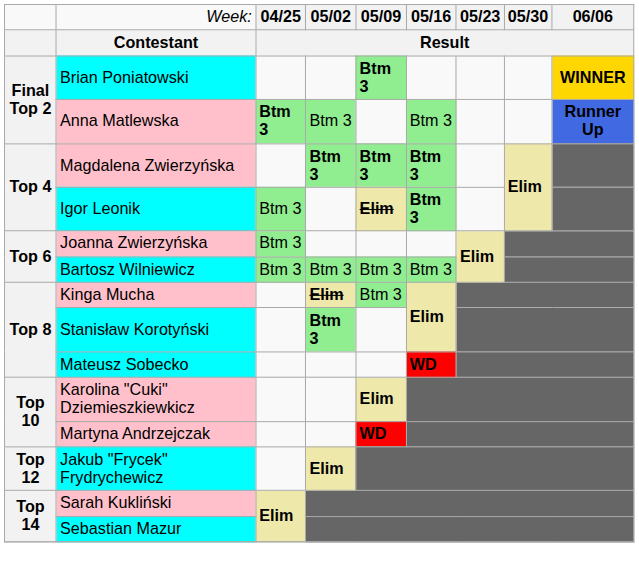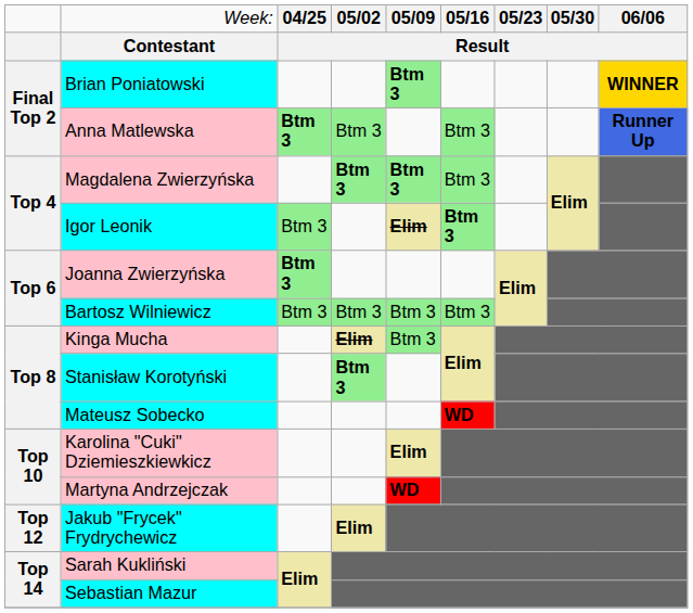 <table class="wikitable" style="margin:1em auto;">
 <tr>
 <td></td>
 <td align="right"><em>Week:</em></td>
 <th>04/25</th>
 <th>05/02</th>
 <th>05/09</th>
 <th>05/16</th>
 <th>05/23</th>
 <th>05/30</th>
 <th>06/06</th>
 </tr>
 <tr>
 <th></th>
 <th>Contestant</th>
 <th colspan="8" align="center">Result</th>
 </tr>
 <tr>
 <th rowspan="2">Final<br>Top 2</th>
 <td bgcolor="cyan">Brian Poniatowski</td>
 <td></td>
 <td></td>
 <td style="background:lightgreen;"><strong>Btm 3</strong></td>
 <td></td>
 <td></td>
 <td></td>
 <td bgcolor="gold" align="center"><strong>WINNER</strong></td>
 </tr>
 <tr>
 <td bgcolor="pink">Anna Matlewska</td>
 <td style="background:lightgreen;"><strong>Btm 3</strong></td>
 <td style="background:lightgreen;">Btm 3</td>
 <td></td>
 <td style="background:lightgreen;">Btm 3</td>
 <td></td>
 <td></td>
 <td bgcolor="royalblue" align="center"><strong>Runner Up</strong></td>
 </tr>
 <tr>
 <th rowspan="2">Top 4</th>
 <td bgcolor="pink">Magdalena Zwierzyńska</td>
 <td></td>
 <td style="background:lightgreen;"><strong>Btm 3</strong></td>
 <td style="background:lightgreen;"><strong>Btm 3</strong></td>
-<td style="background:lightgreen;"><strong>Btm 3</strong></td>
+<td style="background:lightgreen;">Btm 3</td>
 <td></td>
 <td rowspan="2" bgcolor="palegoldenrod"><strong>Elim</strong></td>
 <td colspan="2" bgcolor="666666"></td>
 </tr>
 <tr>
 <td bgcolor="cyan">Igor Leonik</td>
 <td style="background:lightgreen;">Btm 3</td>
 <td></td>
 <td bgcolor="palegoldenrod"><strong><s>Elim</s></strong></td>
 <td style="background:lightgreen;"><strong>Btm 3</strong></td>
 <td></td>
 <td colspan="2" bgcolor="666666"></td>
 </tr>
 <tr>
 <th rowspan="2">Top 6</th>
 <td bgcolor="pink">Joanna Zwierzyńska</td>
-<td style="background:lightgreen;">Btm 3</td>
+<td style="background:lightgreen;"><strong>Btm 3</strong></td>
 <td></td>
 <td></td>
 <td></td>
 <td rowspan="2" bgcolor="palegoldenrod"><strong>Elim</strong></td>
 <td colspan="2" bgcolor="666666"></td>
 </tr>
 <tr>
 <td bgcolor="cyan">Bartosz Wilniewicz</td>
 <td style="background:lightgreen;">Btm 3</td>
 <td style="background:lightgreen;">Btm 3</td>
 <td style="background:lightgreen;">Btm 3</td>
 <td style="background:lightgreen;">Btm 3</td>
 <td colspan="2" bgcolor="666666"></td>
 </tr>
 <tr>
 <th rowspan="3">Top 8</th>
 <td bgcolor="pink">Kinga Mucha</td>
 <td></td>
 <td bgcolor="palegoldenrod"><strong><s>Elim</s></strong></td>
 <td style="background:lightgreen;">Btm 3</td>
 <td rowspan="2" bgcolor="palegoldenrod"><strong>Elim</strong></td>
 <td colspan="6" bgcolor="666666"></td>
 </tr>
 <tr>
 <td bgcolor="cyan">Stanisław Korotyński</td>
 <td></td>
 <td style="background:lightgreen;"><strong>Btm 3</strong></td>
 <td></td>
 <td colspan="6" bgcolor="666666"></td>
 </tr>
 <tr>
 <td bgcolor="cyan">Mateusz Sobecko</td>
 <td></td>
 <td></td>
 <td></td>
 <td style="background:red;"><strong>WD</strong></td>
 <td colspan="3" bgcolor="666666"></td>
 </tr>
 <tr>
 <th rowspan="2">Top 10</th>
 <td bgcolor="pink">Karolina "Cuki" Dziemieszkiewkicz</td>
 <td></td>
 <td></td>
 <td bgcolor="palegoldenrod"><strong>Elim</strong></td>
 <td colspan="4" bgcolor="666666"></td>
 </tr>
 <tr>
 <td bgcolor="pink">Martyna Andrzejczak</td>
 <td></td>
 <td></td>
 <td style="background:red;"><strong>WD</strong></td>
 <td colspan="4" bgcolor="666666"></td>
 </tr>
 <tr>
 <th>Top 12</th>
 <td bgcolor="cyan">Jakub "Frycek" Frydrychewicz</td>
 <td></td>
 <td bgcolor="palegoldenrod"><strong>Elim</strong></td>
 <td colspan="5" bgcolor="666666"></td>
 </tr>
 <tr>
 <th rowspan="2">Top 14</th>
 <td bgcolor="pink">Sarah Kukliński</td>
 <td rowspan="2" bgcolor="palegoldenrod"><strong>Elim</strong></td>
 <td colspan="6" bgcolor="666666"></td>
 </tr>
 <tr>
 <td bgcolor="cyan">Sebastian Mazur</td>
 <td colspan="6" bgcolor="666666"></td>
 </tr>
 <tr>
 </tr>
 </table>
